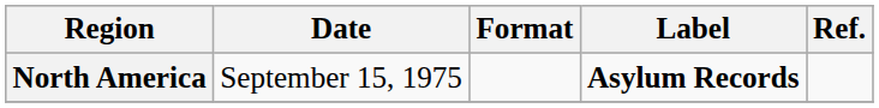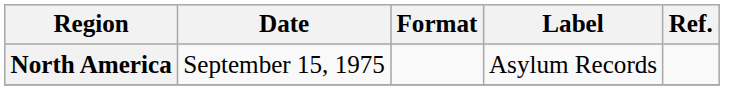 <table class="wikitable plainrowheaders">
 <tr>
 <th scope="col">Region</th>
 <th scope="col">Date</th>
 <th scope="col">Format</th>
 <th scope="col">Label</th>
 <th scope="col">Ref.</th>
 </tr>
 <tr>
 <th scope="row">North America</th>
 <td>September 15, 1975</td>
 <td></td>
-<td><strong>Asylum Records</strong></td>
+<td>Asylum Records</td>
 <td></td>
 </tr>
 <tr>
 </tr>
 </table>
